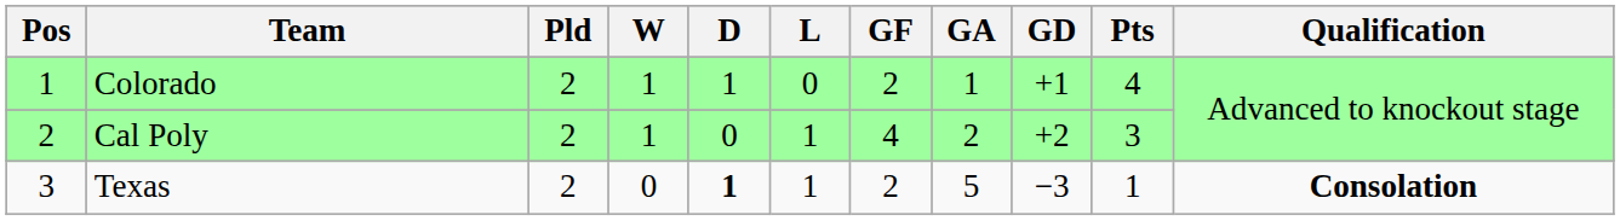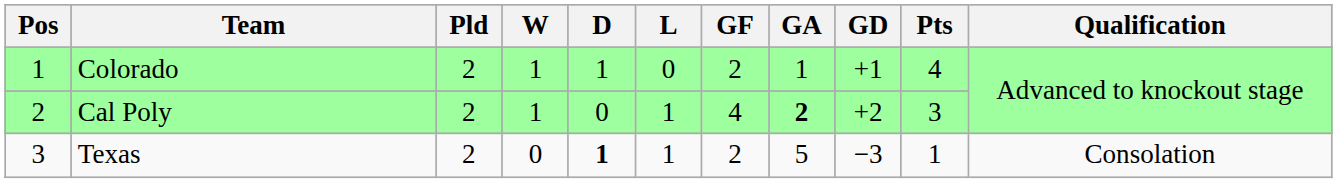 <table class="wikitable" style="text-align:center; margin: 1em auto">
 <tr>
 <th style="width:2em">Pos</th>
 <th style="width:13em">Team</th>
 <th style="width:2em">Pld</th>
 <th style="width:2em">W</th>
 <th style="width:2em">D</th>
 <th style="width:2em">L</th>
 <th style="width:2em">GF</th>
 <th style="width:2em">GA</th>
 <th style="width:2em">GD</th>
 <th style="width:2em">Pts</th>
 <th style="width:13em">Qualification</th>
 </tr>
 <tr bgcolor="#9eff9e">
 <td>1</td>
 <td style="text-align:left">Colorado</td>
 <td>2</td>
 <td>1</td>
 <td>1</td>
 <td>0</td>
 <td>2</td>
 <td>1</td>
 <td>+1</td>
 <td>4</td>
 <td rowspan="2">Advanced to knockout stage</td>
 </tr>
 <tr bgcolor="#9eff9e">
 <td>2</td>
 <td style="text-align:left">Cal Poly</td>
 <td>2</td>
 <td>1</td>
 <td>0</td>
 <td>1</td>
 <td>4</td>
-<td>2</td>
+<td><strong>2</strong></td>
 <td>+2</td>
 <td>3</td>
 </tr>
 <tr>
 <td>3</td>
 <td style="text-align:left">Texas</td>
 <td>2</td>
 <td>0</td>
 <td><strong>1</strong></td>
 <td>1</td>
 <td>2</td>
 <td>5</td>
 <td>−3</td>
 <td>1</td>
-<td><strong>Consolation</strong></td>
+<td>Consolation</td>
 </tr>
 </table>
